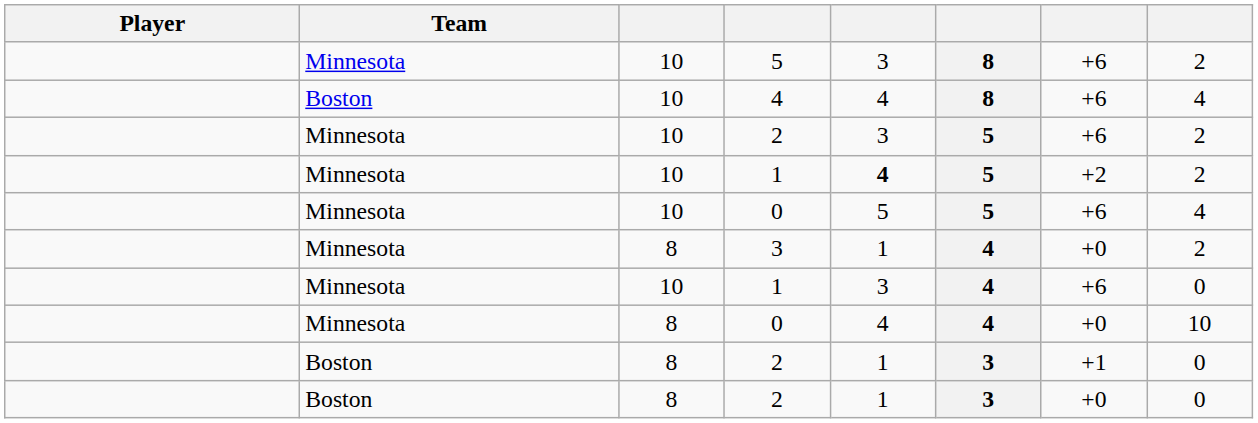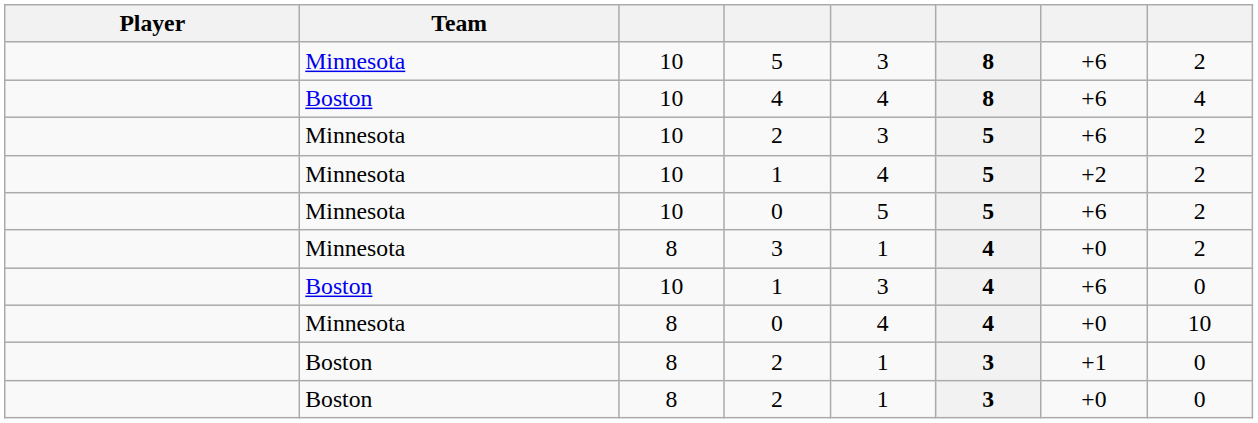 <table class="wikitable sortable" style="text-align: center">
 <tr>
 <th style="width: 12em;">Player</th>
 <th style="width: 13em;">Team</th>
 <th style="width: 4em;"></th>
 <th style="width: 4em;"></th>
 <th style="width: 4em;"></th>
 <th style="width: 4em;"></th>
 <th data-sort-type="number" style="width: 4em;"></th>
 <th style="width: 4em;"></th>
 </tr>
 <tr>
 <td style="text-align:left;"></td>
 <td style="text-align:left;"><a href='#'>Minnesota</a></td>
 <td>10</td>
 <td>5</td>
 <td>3</td>
 <th>8</th>
 <td>+6</td>
 <td>2</td>
 </tr>
 <tr>
 <td style="text-align:left;"></td>
 <td style="text-align:left;"><a href='#'>Boston</a></td>
 <td>10</td>
 <td>4</td>
 <td>4</td>
 <th>8</th>
 <td>+6</td>
 <td>4</td>
 </tr>
 <tr>
 <td style="text-align:left;"></td>
 <td style="text-align:left;">Minnesota</td>
 <td>10</td>
 <td>2</td>
 <td>3</td>
 <th>5</th>
 <td>+6</td>
 <td>2</td>
 </tr>
 <tr>
 <td style="text-align:left;"></td>
 <td style="text-align:left;">Minnesota</td>
 <td>10</td>
 <td>1</td>
-<td><strong>4</strong></td>
+<td>4</td>
 <th>5</th>
 <td>+2</td>
 <td>2</td>
 </tr>
 <tr>
 <td style="text-align:left;"></td>
 <td style="text-align:left;">Minnesota</td>
 <td>10</td>
 <td>0</td>
 <td>5</td>
 <th>5</th>
 <td>+6</td>
-<td>4</td>
+<td>2</td>
 </tr>
 <tr>
 <td style="text-align:left;"></td>
 <td style="text-align:left;">Minnesota</td>
 <td>8</td>
 <td>3</td>
 <td>1</td>
 <th>4</th>
 <td>+0</td>
 <td>2</td>
 </tr>
 <tr>
 <td style="text-align:left;"></td>
-<td style="text-align:left;">Minnesota</td>
+<td style="text-align:left;"><a href='#'>Boston</a></td>
 <td>10</td>
 <td>1</td>
 <td>3</td>
 <th>4</th>
 <td>+6</td>
 <td>0</td>
 </tr>
 <tr>
 <td style="text-align:left;"></td>
 <td style="text-align:left;">Minnesota</td>
 <td>8</td>
 <td>0</td>
 <td>4</td>
 <th>4</th>
 <td>+0</td>
 <td>10</td>
 </tr>
 <tr>
 <td style="text-align:left;"></td>
 <td style="text-align:left;">Boston</td>
 <td>8</td>
 <td>2</td>
 <td>1</td>
 <th>3</th>
 <td>+1</td>
 <td>0</td>
 </tr>
 <tr>
 <td style="text-align:left;"></td>
 <td style="text-align:left;">Boston</td>
 <td>8</td>
 <td>2</td>
 <td>1</td>
 <th>3</th>
 <td>+0</td>
 <td>0</td>
 </tr>
 </table>
